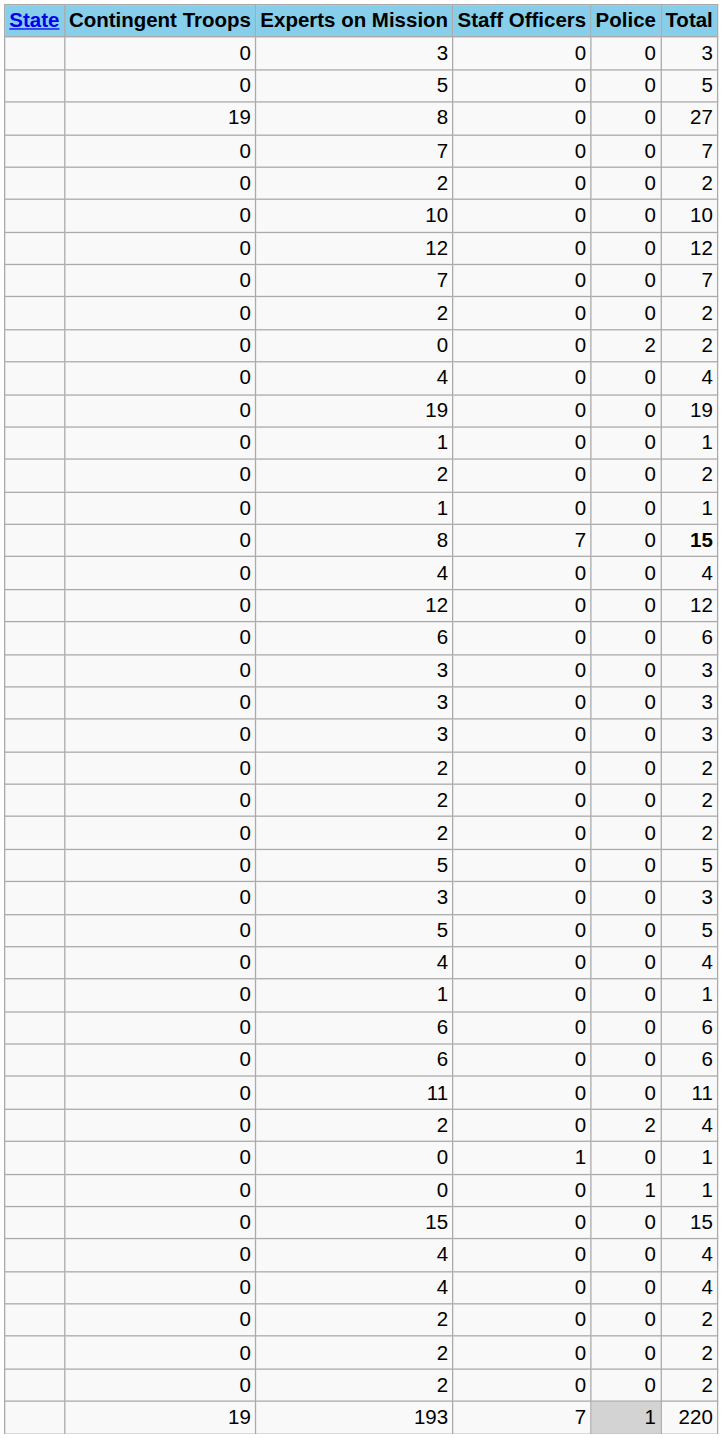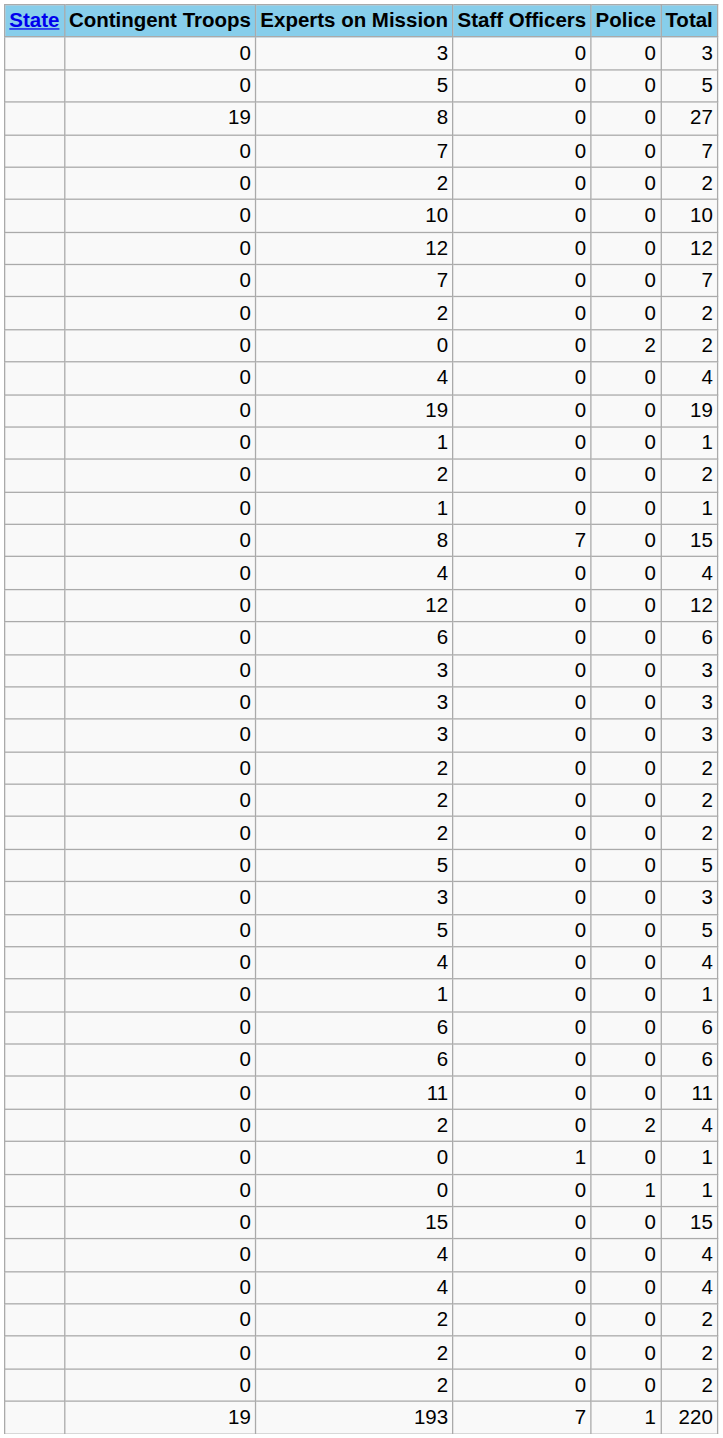 <table class="wikitable">
 <tr>
 <td bgcolor="skyblue"><strong><a href='#'>State</a></strong></td>
 <td bgcolor="skyblue"><strong>Contingent Troops</strong></td>
 <td bgcolor="skyblue"><strong>Experts on Mission</strong></td>
 <td bgcolor="skyblue"><strong>Staff Officers</strong></td>
 <td bgcolor="skyblue"><strong>Police</strong></td>
 <td bgcolor="skyblue"><strong>Total</strong></td>
 </tr>
 <tr>
 <td></td>
 <td align="right">0</td>
 <td align="right">3</td>
 <td align="right">0</td>
 <td align="right">0</td>
 <td align="right">3</td>
 </tr>
 <tr>
 <td></td>
 <td align="right">0</td>
 <td align="right">5</td>
 <td align="right">0</td>
 <td align="right">0</td>
 <td align="right">5</td>
 </tr>
 <tr>
 <td></td>
 <td align="right">19</td>
 <td align="right">8</td>
 <td align="right">0</td>
 <td align="right">0</td>
 <td align="right">27</td>
 </tr>
 <tr>
 <td></td>
 <td align="right">0</td>
 <td align="right">7</td>
 <td align="right">0</td>
 <td align="right">0</td>
 <td align="right">7</td>
 </tr>
 <tr>
 <td></td>
 <td align="right">0</td>
 <td align="right">2</td>
 <td align="right">0</td>
 <td align="right">0</td>
 <td align="right">2</td>
 </tr>
 <tr>
 <td></td>
 <td align="right">0</td>
 <td align="right">10</td>
 <td align="right">0</td>
 <td align="right">0</td>
 <td align="right">10</td>
 </tr>
 <tr>
 <td></td>
 <td align="right">0</td>
 <td align="right">12</td>
 <td align="right">0</td>
 <td align="right">0</td>
 <td align="right">12</td>
 </tr>
 <tr>
 <td></td>
 <td align="right">0</td>
 <td align="right">7</td>
 <td align="right">0</td>
 <td align="right">0</td>
 <td align="right">7</td>
 </tr>
 <tr>
 <td></td>
 <td align="right">0</td>
 <td align="right">2</td>
 <td align="right">0</td>
 <td align="right">0</td>
 <td align="right">2</td>
 </tr>
 <tr>
 <td></td>
 <td align="right">0</td>
 <td align="right">0</td>
 <td align="right">0</td>
 <td align="right">2</td>
 <td align="right">2</td>
 </tr>
 <tr>
 <td></td>
 <td align="right">0</td>
 <td align="right">4</td>
 <td align="right">0</td>
 <td align="right">0</td>
 <td align="right">4</td>
 </tr>
 <tr>
 <td></td>
 <td align="right">0</td>
 <td align="right">19</td>
 <td align="right">0</td>
 <td align="right">0</td>
 <td align="right">19</td>
 </tr>
 <tr>
 <td></td>
 <td align="right">0</td>
 <td align="right">1</td>
 <td align="right">0</td>
 <td align="right">0</td>
 <td align="right">1</td>
 </tr>
 <tr>
 <td></td>
 <td align="right">0</td>
 <td align="right">2</td>
 <td align="right">0</td>
 <td align="right">0</td>
 <td align="right">2</td>
 </tr>
 <tr>
 <td></td>
 <td align="right">0</td>
 <td align="right">1</td>
 <td align="right">0</td>
 <td align="right">0</td>
 <td align="right">1</td>
 </tr>
 <tr>
 <td></td>
 <td align="right">0</td>
 <td align="right">8</td>
 <td align="right">7</td>
 <td align="right">0</td>
-<td align="right"><strong>15</strong></td>
+<td align="right">15</td>
 </tr>
 <tr>
 <td></td>
 <td align="right">0</td>
 <td align="right">4</td>
 <td align="right">0</td>
 <td align="right">0</td>
 <td align="right">4</td>
 </tr>
 <tr>
 <td></td>
 <td align="right">0</td>
 <td align="right">12</td>
 <td align="right">0</td>
 <td align="right">0</td>
 <td align="right">12</td>
 </tr>
 <tr>
 <td></td>
 <td align="right">0</td>
 <td align="right">6</td>
 <td align="right">0</td>
 <td align="right">0</td>
 <td align="right">6</td>
 </tr>
 <tr>
 <td></td>
 <td align="right">0</td>
 <td align="right">3</td>
 <td align="right">0</td>
 <td align="right">0</td>
 <td align="right">3</td>
 </tr>
 <tr>
 <td></td>
 <td align="right">0</td>
 <td align="right">3</td>
 <td align="right">0</td>
 <td align="right">0</td>
 <td align="right">3</td>
 </tr>
 <tr>
 <td></td>
 <td align="right">0</td>
 <td align="right">3</td>
 <td align="right">0</td>
 <td align="right">0</td>
 <td align="right">3</td>
 </tr>
 <tr>
 <td></td>
 <td align="right">0</td>
 <td align="right">2</td>
 <td align="right">0</td>
 <td align="right">0</td>
 <td align="right">2</td>
 </tr>
 <tr>
 <td></td>
 <td align="right">0</td>
 <td align="right">2</td>
 <td align="right">0</td>
 <td align="right">0</td>
 <td align="right">2</td>
 </tr>
 <tr>
 <td></td>
 <td align="right">0</td>
 <td align="right">2</td>
 <td align="right">0</td>
 <td align="right">0</td>
 <td align="right">2</td>
 </tr>
 <tr>
 <td></td>
 <td align="right">0</td>
 <td align="right">5</td>
 <td align="right">0</td>
 <td align="right">0</td>
 <td align="right">5</td>
 </tr>
 <tr>
 <td></td>
 <td align="right">0</td>
 <td align="right">3</td>
 <td align="right">0</td>
 <td align="right">0</td>
 <td align="right">3</td>
 </tr>
 <tr>
 <td></td>
 <td align="right">0</td>
 <td align="right">5</td>
 <td align="right">0</td>
 <td align="right">0</td>
 <td align="right">5</td>
 </tr>
 <tr>
 <td></td>
 <td align="right">0</td>
 <td align="right">4</td>
 <td align="right">0</td>
 <td align="right">0</td>
 <td align="right">4</td>
 </tr>
 <tr>
 <td></td>
 <td align="right">0</td>
 <td align="right">1</td>
 <td align="right">0</td>
 <td align="right">0</td>
 <td align="right">1</td>
 </tr>
 <tr>
 <td></td>
 <td align="right">0</td>
 <td align="right">6</td>
 <td align="right">0</td>
 <td align="right">0</td>
 <td align="right">6</td>
 </tr>
 <tr>
 <td></td>
 <td align="right">0</td>
 <td align="right">6</td>
 <td align="right">0</td>
 <td align="right">0</td>
 <td align="right">6</td>
 </tr>
 <tr>
 <td></td>
 <td align="right">0</td>
 <td align="right">11</td>
 <td align="right">0</td>
 <td align="right">0</td>
 <td align="right">11</td>
 </tr>
 <tr>
 <td></td>
 <td align="right">0</td>
 <td align="right">2</td>
 <td align="right">0</td>
 <td align="right">2</td>
 <td align="right">4</td>
 </tr>
 <tr>
 <td></td>
 <td align="right">0</td>
 <td align="right">0</td>
 <td align="right">1</td>
 <td align="right">0</td>
 <td align="right">1</td>
 </tr>
 <tr>
 <td></td>
 <td align="right">0</td>
 <td align="right">0</td>
 <td align="right">0</td>
 <td align="right">1</td>
 <td align="right">1</td>
 </tr>
 <tr>
 <td></td>
 <td align="right">0</td>
 <td align="right">15</td>
 <td align="right">0</td>
 <td align="right">0</td>
 <td align="right">15</td>
 </tr>
 <tr>
 <td></td>
 <td align="right">0</td>
 <td align="right">4</td>
 <td align="right">0</td>
 <td align="right">0</td>
 <td align="right">4</td>
 </tr>
 <tr>
 <td></td>
 <td align="right">0</td>
 <td align="right">4</td>
 <td align="right">0</td>
 <td align="right">0</td>
 <td align="right">4</td>
 </tr>
 <tr>
 <td></td>
 <td align="right">0</td>
 <td align="right">2</td>
 <td align="right">0</td>
 <td align="right">0</td>
 <td align="right">2</td>
 </tr>
 <tr>
 <td></td>
 <td align="right">0</td>
 <td align="right">2</td>
 <td align="right">0</td>
 <td align="right">0</td>
 <td align="right">2</td>
 </tr>
 <tr>
 <td></td>
 <td align="right">0</td>
 <td align="right">2</td>
 <td align="right">0</td>
 <td align="right">0</td>
 <td align="right">2</td>
 </tr>
 <tr>
 <td></td>
 <td align="right">19</td>
 <td align="right">193</td>
 <td align="right">7</td>
-<td align="right" style="background: lightgrey;">1</td>
+<td align="right">1</td>
 <td align="right">220</td>
 </tr>
 <tr>
 </tr>
 </table>
